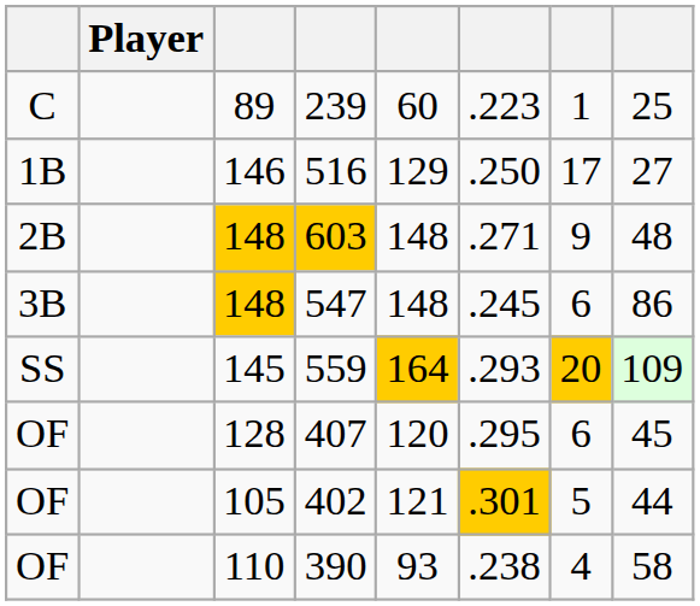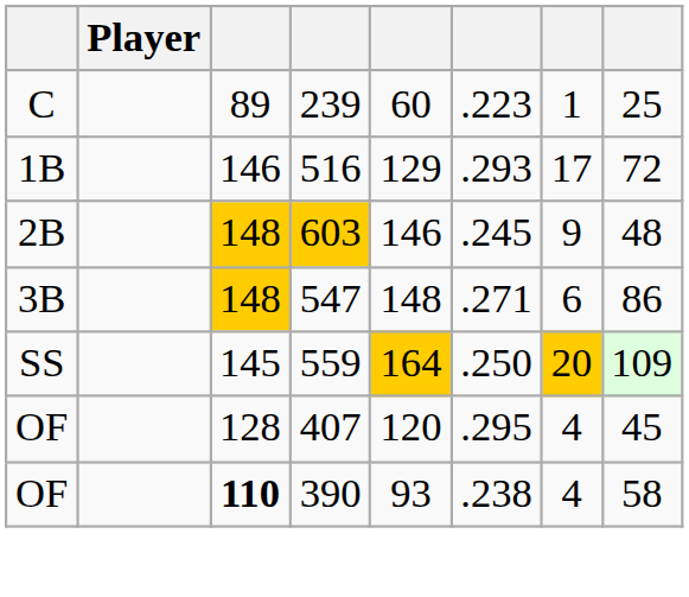 <table class="wikitable sortable">
 <tr>
 <th>  </th>
 <th>Player</th>
 <th></th>
 <th><small></small></th>
 <th></th>
 <th></th>
 <th></th>
 <th></th>
 </tr>
 <tr align="center">
 <td>C</td>
 <td></td>
 <td>89</td>
 <td>239</td>
 <td>60</td>
 <td>.223</td>
 <td>1</td>
 <td>25</td>
 </tr>
 <tr align="center">
 <td>1B</td>
 <td></td>
 <td>146</td>
 <td>516</td>
 <td>129</td>
-<td>.250</td>
+<td>.293</td>
 <td>17</td>
-<td>27</td>
+<td>72</td>
 </tr>
 <tr align="center">
 <td>2B</td>
 <td></td>
 <td bgcolor="#FFCC00">148</td>
 <td bgcolor="#FFCC00">603</td>
-<td>148</td>
-<td>.271</td>
+<td>146</td>
+<td>.245</td>
 <td>9</td>
 <td>48</td>
 </tr>
 <tr align="center">
 <td>3B</td>
 <td></td>
 <td bgcolor="#FFCC00">148</td>
 <td>547</td>
 <td>148</td>
-<td>.245</td>
+<td>.271</td>
 <td>6</td>
 <td>86</td>
 </tr>
 <tr align="center">
 <td>SS</td>
 <td></td>
 <td>145</td>
 <td>559</td>
 <td bgcolor="#FFCC00">164</td>
-<td>.293</td>
+<td>.250</td>
 <td bgcolor="#FFCC00">20</td>
 <td bgcolor="#DDFFDD">109</td>
 </tr>
 <tr align="center">
 <td>OF</td>
 <td></td>
 <td>128</td>
 <td>407</td>
 <td>120</td>
 <td>.295</td>
-<td>6</td>
+<td>4</td>
 <td>45</td>
 </tr>
 <tr align="center">
 <td>OF</td>
 <td></td>
-<td>105</td>
-<td>402</td>
-<td>121</td>
-<td bgcolor="#FFCC00">.301</td>
-<td>5</td>
-<td>44</td>
-</tr>
-<tr align="center">
-<td>OF</td>
-<td></td>
-<td>110</td>
+<td><strong>110</strong></td>
 <td>390</td>
 <td>93</td>
 <td>.238</td>
 <td>4</td>
 <td>58</td>
 </tr>
 </table>
